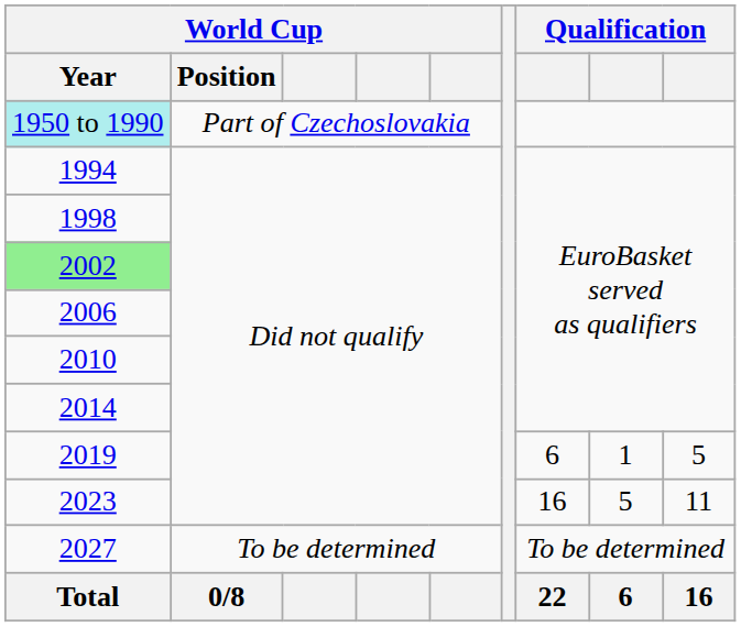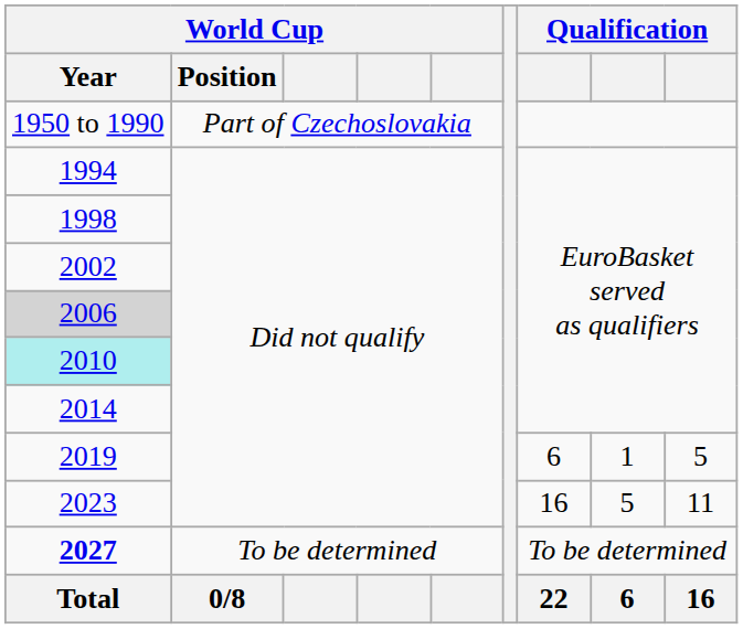 <table class="wikitable" style="text-align: center;font-size:90%;">
 <tr>
 <th colspan=5><a href='#'>World Cup</a></th>
 <th rowspan=13></th>
 <th colspan=3><a href='#'>Qualification</a></th>
 </tr>
 <tr>
 <th>Year</th>
 <th>Position</th>
 <th width=30></th>
 <th width=30></th>
 <th width=30></th>
 <th width=30></th>
 <th width=30></th>
 <th width=30></th>
 </tr>
 <tr>
-<td style="background: paleturquoise;"><a href='#'>1950</a> to <a href='#'>1990</a></td>
+<td><a href='#'>1950</a> to <a href='#'>1990</a></td>
 <td colspan=4><em>Part of <a href='#'>Czechoslovakia</a></em></td>
 </tr>
 <tr>
 <td> <a href='#'>1994</a></td>
 <td colspan=4 rowspan=8><em>Did not qualify</em></td>
 <td colspan=3 rowspan=6><em>EuroBasket served<br>as qualifiers</em></td>
 </tr>
 <tr>
 <td> <a href='#'>1998</a></td>
 </tr>
 <tr>
-<td style="background: lightgreen;"> <a href='#'>2002</a></td>
+<td> <a href='#'>2002</a></td>
 </tr>
 <tr>
-<td> <a href='#'>2006</a></td>
+<td style="background: lightgrey;"> <a href='#'>2006</a></td>
 </tr>
 <tr>
-<td> <a href='#'>2010</a></td>
+<td style="background: paleturquoise;"> <a href='#'>2010</a></td>
 </tr>
 <tr>
 <td> <a href='#'>2014</a></td>
 </tr>
 <tr>
 <td> <a href='#'>2019</a></td>
 <td>6</td>
 <td>1</td>
 <td>5</td>
 </tr>
 <tr>
 <td> <a href='#'>2023</a></td>
 <td>16</td>
 <td>5</td>
 <td>11</td>
 </tr>
 <tr>
-<td> <a href='#'>2027</a></td>
+<td><strong> <a href='#'>2027</a></strong></td>
 <td colspan=4><em>To be determined</em></td>
 <td colspan=3><em>To be determined</em></td>
 </tr>
 <tr>
 <th>Total</th>
 <th>0/8</th>
 <th></th>
 <th></th>
 <th></th>
 <th>22</th>
 <th>6</th>
 <th>16</th>
 </tr>
 </table>
